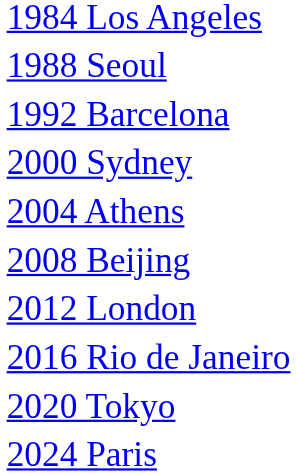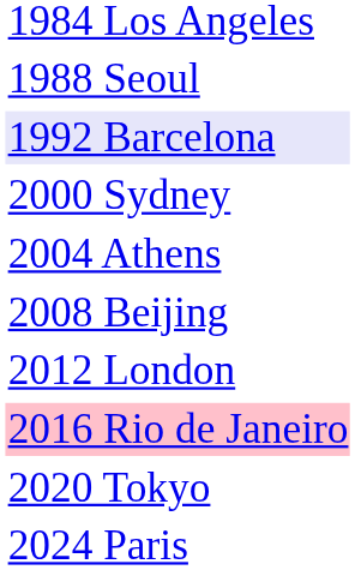 <table>
 <tr>
 <td><a href='#'>1984 Los Angeles</a><br></td>
 <td></td>
 <td></td>
 <td nowrap></td>
 </tr>
 <tr>
 <td><a href='#'>1988 Seoul</a><br></td>
 <td></td>
 <td nowrap></td>
 <td></td>
 </tr>
 <tr>
-<td><a href='#'>1992 Barcelona</a><br></td>
+<td style="background: lavender;"><a href='#'>1992 Barcelona</a><br></td>
 <td></td>
 <td></td>
 <td></td>
 </tr>
 <tr>
 <td><a href='#'>2000 Sydney</a><br></td>
 <td></td>
 <td></td>
 <td></td>
 </tr>
 <tr valign="top">
 <td><a href='#'>2004 Athens</a><br></td>
 <td></td>
 <td></td>
 <td></td>
 </tr>
 <tr valign="top">
 <td><a href='#'>2008 Beijing</a><br></td>
 <td nowrap></td>
 <td></td>
 <td></td>
 </tr>
 <tr valign="top">
 <td><a href='#'>2012 London</a><br></td>
 <td></td>
 <td></td>
 <td></td>
 </tr>
 <tr valign="top">
-<td><a href='#'>2016 Rio de Janeiro</a><br></td>
+<td style="background: pink;"><a href='#'>2016 Rio de Janeiro</a><br></td>
 <td></td>
 <td></td>
 <td></td>
 </tr>
 <tr>
 <td><a href='#'>2020 Tokyo</a><br></td>
 <td></td>
 <td></td>
 <td></td>
 </tr>
 <tr>
 <td><a href='#'>2024 Paris</a><br></td>
 <td></td>
 <td></td>
 <td></td>
 </tr>
 <tr>
 </tr>
 </table>
